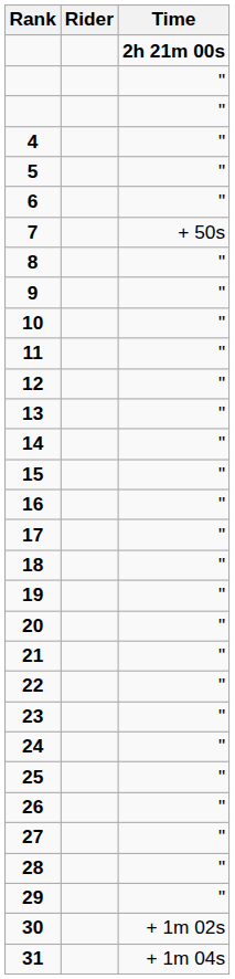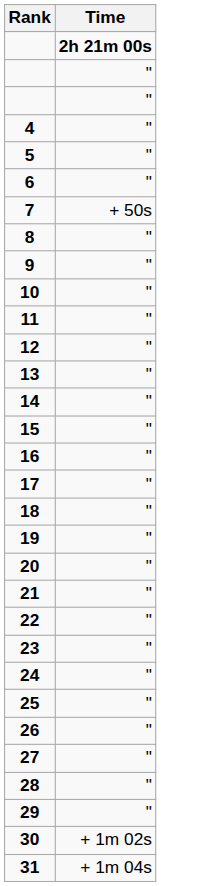 <table class=wikitable style="text-align:center;">
 <tr>
 <th>Rank</th>
-<th>Rider</th>
 <th>Time</th>
 </tr>
 <tr>
 <td></td>
-<td align="left"><strong></strong></td>
 <td align="right"><strong>2h 21m 00s</strong></td>
 </tr>
 <tr>
 <td></td>
-<td align="left"></td>
 <td align="right">"</td>
 </tr>
 <tr>
 <td></td>
-<td align="left"></td>
 <td align="right">"</td>
 </tr>
 <tr>
 <td><strong>4</strong></td>
-<td align="left"></td>
 <td align="right">"</td>
 </tr>
 <tr>
 <td><strong>5</strong></td>
-<td align="left"></td>
 <td align="right">"</td>
 </tr>
 <tr>
 <td><strong>6</strong></td>
-<td align="left"></td>
 <td align="right">"</td>
 </tr>
 <tr>
 <td><strong>7</strong></td>
-<td align="left"></td>
 <td align="right">+ 50s</td>
 </tr>
 <tr>
 <td><strong>8</strong></td>
-<td align="left"></td>
 <td align="right">"</td>
 </tr>
 <tr>
 <td><strong>9</strong></td>
-<td align="left"></td>
 <td align="right">"</td>
 </tr>
 <tr>
 <td><strong>10</strong></td>
-<td align="left"></td>
 <td align="right">"</td>
 </tr>
 <tr>
 <td><strong>11</strong></td>
-<td align="left"></td>
 <td align="right">"</td>
 </tr>
 <tr>
 <td><strong>12</strong></td>
-<td align="left"></td>
 <td align="right">"</td>
 </tr>
 <tr>
 <td><strong>13</strong></td>
-<td align="left"></td>
 <td align="right">"</td>
 </tr>
 <tr>
 <td><strong>14</strong></td>
-<td align="left"></td>
 <td align="right">"</td>
 </tr>
 <tr>
 <td><strong>15</strong></td>
-<td align="left"></td>
 <td align="right">"</td>
 </tr>
 <tr>
 <td><strong>16</strong></td>
-<td align="left"></td>
 <td align="right">"</td>
 </tr>
 <tr>
 <td><strong>17</strong></td>
-<td align="left"></td>
 <td align="right">"</td>
 </tr>
 <tr>
 <td><strong>18</strong></td>
-<td align="left"></td>
 <td align="right">"</td>
 </tr>
 <tr>
 <td><strong>19</strong></td>
-<td align="left"></td>
 <td align="right">"</td>
 </tr>
 <tr>
 <td><strong>20</strong></td>
-<td align="left"></td>
 <td align="right">"</td>
 </tr>
 <tr>
 <td><strong>21</strong></td>
-<td align="left"></td>
 <td align="right">"</td>
 </tr>
 <tr>
 <td><strong>22</strong></td>
-<td align="left"></td>
 <td align="right">"</td>
 </tr>
 <tr>
 <td><strong>23</strong></td>
-<td align="left"></td>
 <td align="right">"</td>
 </tr>
 <tr>
 <td><strong>24</strong></td>
-<td align="left"></td>
 <td align="right">"</td>
 </tr>
 <tr>
 <td><strong>25</strong></td>
-<td align="left"></td>
 <td align="right">"</td>
 </tr>
 <tr>
 <td><strong>26</strong></td>
-<td align="left"></td>
 <td align="right">"</td>
 </tr>
 <tr>
 <td><strong>27</strong></td>
-<td align="left"></td>
 <td align="right">"</td>
 </tr>
 <tr>
 <td><strong>28</strong></td>
-<td align="left"></td>
 <td align="right">"</td>
 </tr>
 <tr>
 <td><strong>29</strong></td>
-<td align="left"></td>
 <td align="right">"</td>
 </tr>
 <tr>
 <td><strong>30</strong></td>
-<td align="left"></td>
 <td align="right">+ 1m 02s</td>
 </tr>
 <tr>
 <td><strong>31</strong></td>
-<td align="left"></td>
 <td align="right">+ 1m 04s</td>
 </tr>
 </table>
